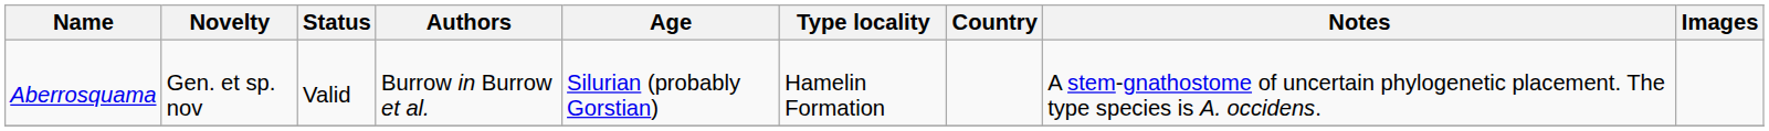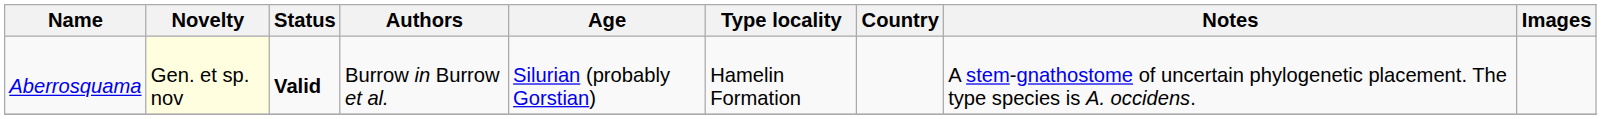 <table class="wikitable sortable" align="center" width="100%">
 <tr>
 <th>Name</th>
 <th>Novelty</th>
 <th>Status</th>
 <th>Authors</th>
 <th>Age</th>
 <th>Type locality</th>
 <th>Country</th>
 <th>Notes</th>
 <th>Images</th>
 </tr>
 <tr>
 <td><br><em><a href='#'>Aberrosquama</a></em></td>
-<td><br>Gen. et sp. nov</td>
-<td><br>Valid</td>
+<td style="background: lightyellow;"><br>Gen. et sp. nov</td>
+<td><strong><br>Valid</strong></td>
 <td><br>Burrow <em>in</em> Burrow <em>et al.</em></td>
 <td><br><a href='#'>Silurian</a> (probably <a href='#'>Gorstian</a>)</td>
 <td><br>Hamelin Formation</td>
 <td><br></td>
 <td><br>A <a href='#'>stem</a>-<a href='#'>gnathostome</a> of uncertain phylogenetic placement. The type species is <em>A. occidens</em>.</td>
 <td></td>
 </tr>
 <tr>
 </tr>
 </table>
